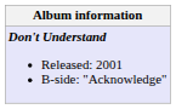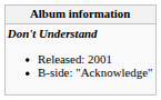 <table class="wikitable">
 <tr>
 <th>Album information</th>
 </tr>
 <tr>
-<td style="background: lavender;"><strong><em>Don't Understand</em></strong><br><ul><li>Released: 2001</li><li>B-side: "Acknowledge"</li></ul></td>
+<td><strong><em>Don't Understand</em></strong><br><ul><li>Released: 2001</li><li>B-side: "Acknowledge"</li></ul></td>
 </tr>
 </table>
